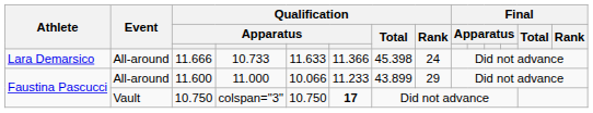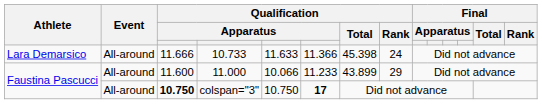 <table class="wikitable" style="font-size:90%; text-align:center">
 <tr>
 <th rowspan="3">Athlete</th>
 <th rowspan="3">Event</th>
 <th colspan="6">Qualification</th>
 <th colspan="6">Final</th>
 </tr>
 <tr>
 <th colspan="4">Apparatus</th>
 <th rowspan="2">Total</th>
 <th rowspan="2">Rank</th>
 <th colspan="4">Apparatus</th>
 <th rowspan="2">Total</th>
 <th rowspan="2">Rank</th>
 </tr>
 <tr>
 <th></th>
 <th></th>
 <th></th>
 <th></th>
 <th></th>
 <th></th>
 <th></th>
 <th></th>
 </tr>
 <tr>
 <td align="left"><a href='#'>Lara Demarsico</a></td>
 <td align="left">All-around</td>
 <td>11.666</td>
 <td>10.733</td>
 <td>11.633</td>
 <td>11.366</td>
 <td>45.398</td>
 <td>24</td>
 <td colspan="6">Did not advance</td>
 </tr>
 <tr>
 <td align="left" rowspan=2><a href='#'>Faustina Pascucci</a></td>
 <td align="left">All-around</td>
 <td>11.600</td>
 <td>11.000</td>
 <td>10.066</td>
 <td>11.233</td>
 <td>43.899</td>
 <td>29</td>
 <td colspan="6">Did not advance</td>
 </tr>
 <tr>
-<td align="left">Vault</td>
-<td>10.750</td>
+<td align="left">All-around</td>
+<td><strong>10.750</strong></td>
 <td>colspan="3" </td>
 <td>10.750</td>
 <td><strong>17</strong></td>
 <td colspan="6">Did not advance</td>
 </tr>
 </table>
